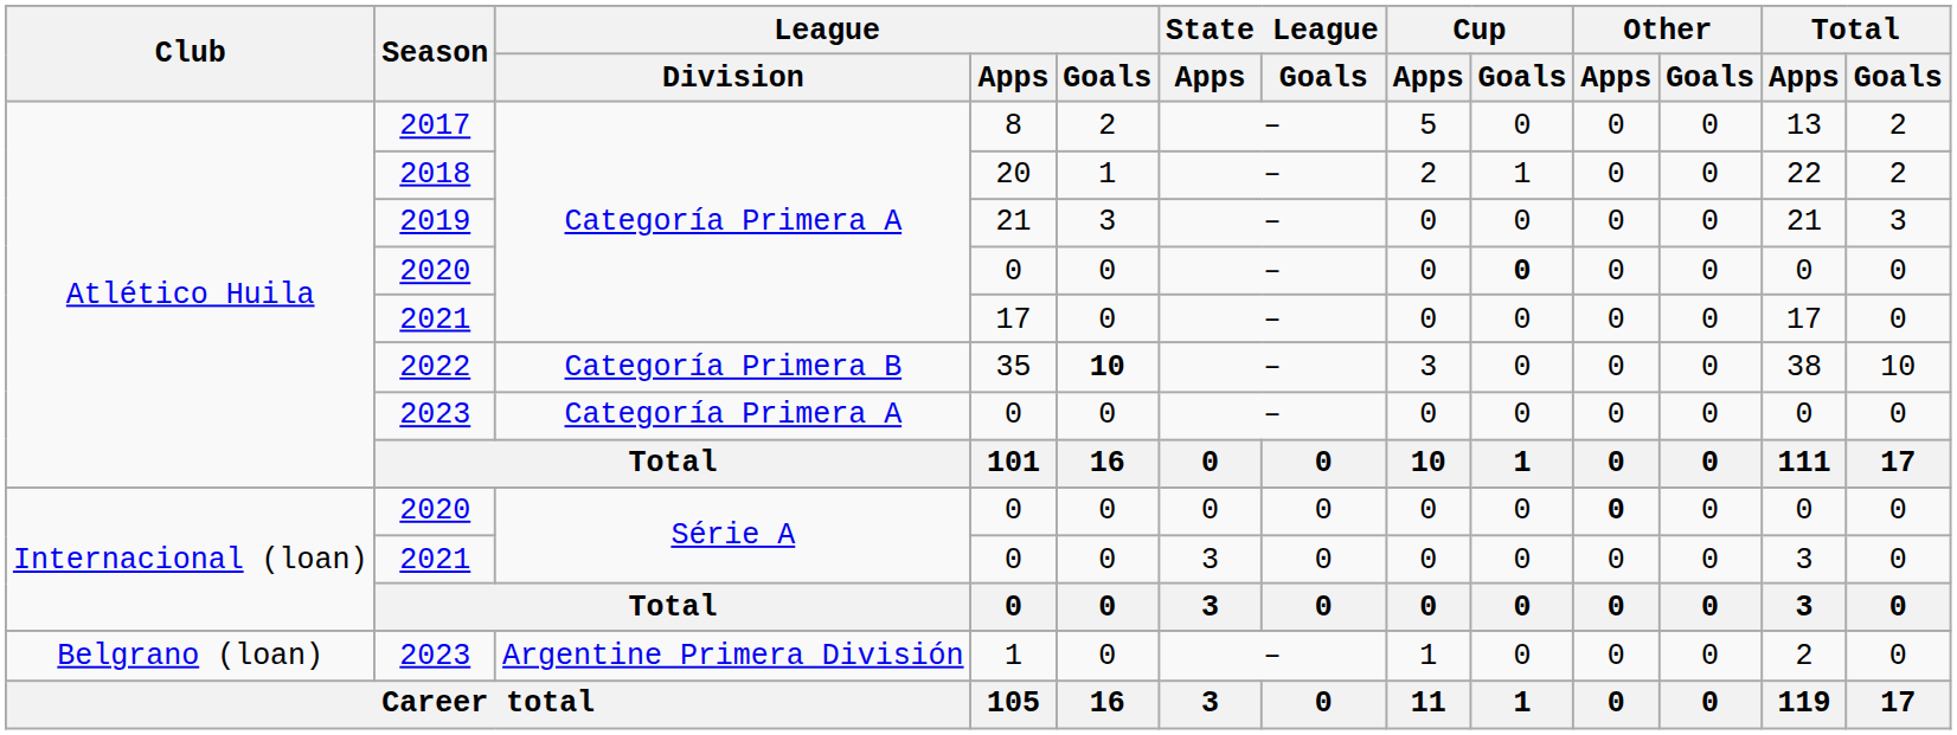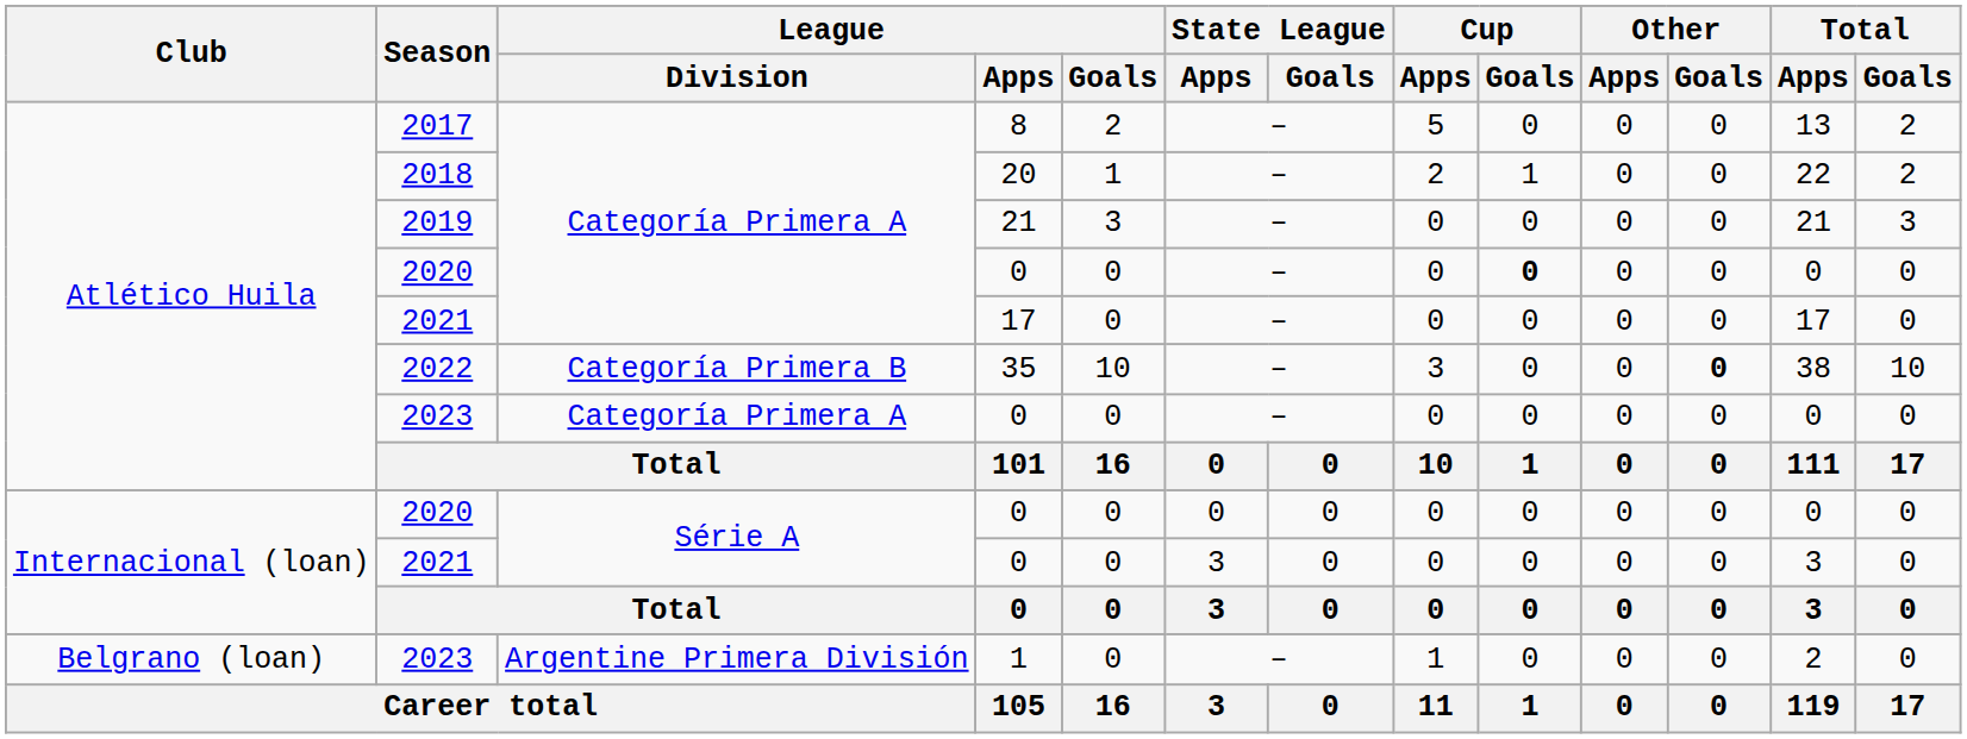 <table class=wikitable style=text-align:center>
 <tr>
 <th rowspan="2">Club</th>
 <th rowspan="2">Season</th>
 <th colspan="3">League</th>
 <th colspan="2">State League</th>
 <th colspan="2">Cup</th>
 <th colspan="2">Other</th>
 <th colspan="2">Total</th>
 </tr>
 <tr>
 <th>Division</th>
 <th>Apps</th>
 <th>Goals</th>
 <th>Apps</th>
 <th>Goals</th>
 <th>Apps</th>
 <th>Goals</th>
 <th>Apps</th>
 <th>Goals</th>
 <th>Apps</th>
 <th>Goals</th>
 </tr>
 <tr>
 <td rowspan="8"><a href='#'>Atlético Huila</a></td>
 <td><a href='#'>2017</a></td>
 <td rowspan="5"><a href='#'>Categoría Primera A</a></td>
 <td>8</td>
 <td>2</td>
 <td colspan="2">–</td>
 <td>5</td>
 <td>0</td>
 <td>0</td>
 <td>0</td>
 <td>13</td>
 <td>2</td>
 </tr>
 <tr>
 <td><a href='#'>2018</a></td>
 <td>20</td>
 <td>1</td>
 <td colspan="2">–</td>
 <td>2</td>
 <td>1</td>
 <td>0</td>
 <td>0</td>
 <td>22</td>
 <td>2</td>
 </tr>
 <tr>
 <td><a href='#'>2019</a></td>
 <td>21</td>
 <td>3</td>
 <td colspan="2">–</td>
 <td>0</td>
 <td>0</td>
 <td>0</td>
 <td>0</td>
 <td>21</td>
 <td>3</td>
 </tr>
 <tr>
 <td><a href='#'>2020</a></td>
 <td>0</td>
 <td>0</td>
 <td colspan="2">–</td>
 <td>0</td>
 <td><strong>0</strong></td>
 <td>0</td>
 <td>0</td>
 <td>0</td>
 <td>0</td>
 </tr>
 <tr>
 <td><a href='#'>2021</a></td>
 <td>17</td>
 <td>0</td>
 <td colspan="2">–</td>
 <td>0</td>
 <td>0</td>
 <td>0</td>
 <td>0</td>
 <td>17</td>
 <td>0</td>
 </tr>
 <tr>
 <td><a href='#'>2022</a></td>
 <td><a href='#'>Categoría Primera B</a></td>
 <td>35</td>
-<td><strong>10</strong></td>
+<td>10</td>
 <td colspan="2">–</td>
 <td>3</td>
 <td>0</td>
 <td>0</td>
-<td>0</td>
+<td><strong>0</strong></td>
 <td>38</td>
 <td>10</td>
 </tr>
 <tr>
 <td><a href='#'>2023</a></td>
 <td><a href='#'>Categoría Primera A</a></td>
 <td>0</td>
 <td>0</td>
 <td colspan="2">–</td>
 <td>0</td>
 <td>0</td>
 <td>0</td>
 <td>0</td>
 <td>0</td>
 <td>0</td>
 </tr>
 <tr>
 <th colspan="2"><strong>Total</strong></th>
 <th>101</th>
 <th>16</th>
 <th>0</th>
 <th>0</th>
 <th>10</th>
 <th>1</th>
 <th>0</th>
 <th>0</th>
 <th>111</th>
 <th>17</th>
 </tr>
 <tr>
 <td rowspan="3"><a href='#'>Internacional</a> (loan)</td>
 <td><a href='#'>2020</a></td>
 <td rowspan="2"><a href='#'>Série A</a></td>
 <td>0</td>
 <td>0</td>
 <td>0</td>
 <td>0</td>
 <td>0</td>
 <td>0</td>
-<td><strong>0</strong></td>
+<td>0</td>
 <td>0</td>
 <td>0</td>
 <td>0</td>
 </tr>
 <tr>
 <td><a href='#'>2021</a></td>
 <td>0</td>
 <td>0</td>
 <td>3</td>
 <td>0</td>
 <td>0</td>
 <td>0</td>
 <td>0</td>
 <td>0</td>
 <td>3</td>
 <td>0</td>
 </tr>
 <tr>
 <th colspan="2"><strong>Total</strong></th>
 <th>0</th>
 <th>0</th>
 <th>3</th>
 <th>0</th>
 <th>0</th>
 <th>0</th>
 <th>0</th>
 <th>0</th>
 <th>3</th>
 <th>0</th>
 </tr>
 <tr>
 <td><a href='#'>Belgrano</a> (loan)</td>
 <td><a href='#'>2023</a></td>
 <td><a href='#'>Argentine Primera División</a></td>
 <td>1</td>
 <td>0</td>
 <td colspan="2">–</td>
 <td>1</td>
 <td>0</td>
 <td>0</td>
 <td>0</td>
 <td>2</td>
 <td>0</td>
 </tr>
 <tr>
 <th colspan="3"><strong>Career total</strong></th>
 <th>105</th>
 <th>16</th>
 <th>3</th>
 <th>0</th>
 <th>11</th>
 <th>1</th>
 <th>0</th>
 <th>0</th>
 <th>119</th>
 <th>17</th>
 </tr>
 </table>
